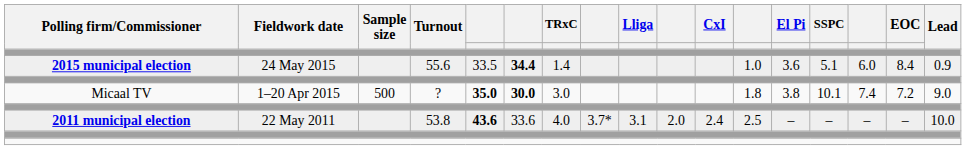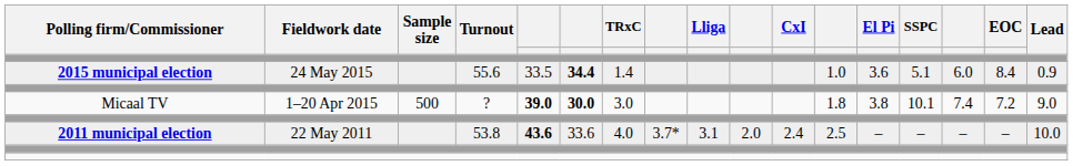 <table class="wikitable collapsible collapsed" style="text-align:center; font-size:95%; line-height:16px;">
 <tr style="height:42px;">
 <th style="width:250px;" rowspan="2">Polling firm/Commissioner</th>
 <th style="width:125px;" rowspan="2">Fieldwork date</th>
 <th style="width:50px;" rowspan="2">Sample size</th>
 <th style="width:45px;" rowspan="2">Turnout</th>
 <th style="width:35px;"></th>
 <th style="width:35px;"></th>
 <th style="width:35px; font-size:90%;">TRxC</th>
 <th style="width:35px;"></th>
 <th style="width:35px;"><a href='#'>Lliga</a></th>
 <th style="width:35px;"></th>
 <th style="width:35px;"><a href='#'>CxI</a></th>
 <th style="width:35px;"></th>
 <th style="width:35px;"><a href='#'>El Pi</a></th>
 <th style="width:35px; font-size:90%;">SSPC</th>
 <th style="width:35px;"></th>
 <th style="width:35px;">EOC</th>
 <th style="width:30px;" rowspan="2">Lead</th>
 </tr>
 <tr>
 <th style="color:inherit;background:"></th>
 <th style="color:inherit;background:"></th>
 <th style="color:inherit;background:"></th>
 <th style="color:inherit;background:"></th>
 <th style="color:inherit;background:"></th>
 <th style="color:inherit;background:"></th>
 <th style="color:inherit;background:"></th>
 <th style="color:inherit;background:"></th>
 <th style="color:inherit;background:"></th>
 <th style="color:inherit;background:"></th>
 <th style="color:inherit;background:"></th>
 <th style="color:inherit;background:"></th>
 </tr>
 <tr>
 <td colspan="17" style="background:#A0A0A0"></td>
 </tr>
 <tr style="background:#EFEFEF;">
 <td><strong><a href='#'>2015 municipal election</a></strong></td>
 <td>24 May 2015</td>
 <td></td>
 <td>55.6</td>
 <td>33.5<br></td>
 <td><strong>34.4</strong><br></td>
 <td>1.4<br></td>
 <td></td>
 <td></td>
 <td></td>
 <td></td>
 <td>1.0<br></td>
 <td>3.6<br></td>
 <td>5.1<br></td>
 <td>6.0<br></td>
 <td>8.4<br></td>
 <td style="background:">0.9</td>
 </tr>
 <tr>
 <td colspan="17" style="background:#A0A0A0"></td>
 </tr>
 <tr>
 <td>Micaal TV</td>
 <td>1–20 Apr 2015</td>
 <td>500</td>
 <td>?</td>
-<td><strong>35.0</strong><br></td>
+<td><strong>39.0</strong><br></td>
 <td><strong>30.0<br></strong></td>
 <td>3.0<br></td>
 <td></td>
 <td></td>
 <td></td>
 <td></td>
 <td>1.8<br></td>
 <td>3.8<br></td>
 <td>10.1<br></td>
 <td>7.4<br></td>
 <td>7.2<br></td>
 <td style="background:">9.0</td>
 </tr>
 <tr>
 <td colspan="17" style="background:#A0A0A0"></td>
 </tr>
 <tr style="background:#EFEFEF;">
 <td><strong><a href='#'>2011 municipal election</a></strong></td>
 <td>22 May 2011</td>
 <td></td>
 <td>53.8</td>
 <td><strong>43.6</strong><br></td>
 <td>33.6<br></td>
 <td>4.0<br></td>
 <td>3.7*<br></td>
 <td>3.1<br></td>
 <td>2.0<br></td>
 <td>2.4<br></td>
 <td>2.5<br></td>
 <td>–</td>
 <td>–</td>
 <td>–</td>
 <td>–</td>
 <td style="background:">10.0</td>
 </tr>
 <tr>
 <td colspan="17" style="background:#A0A0A0"></td>
 </tr>
 <tr>
 <td align="left" colspan="17"></td>
 </tr>
 </table>
